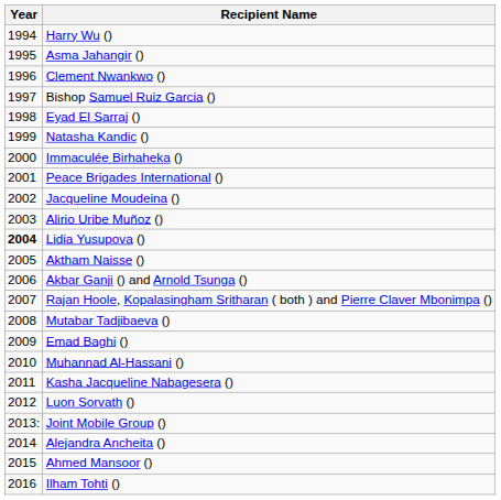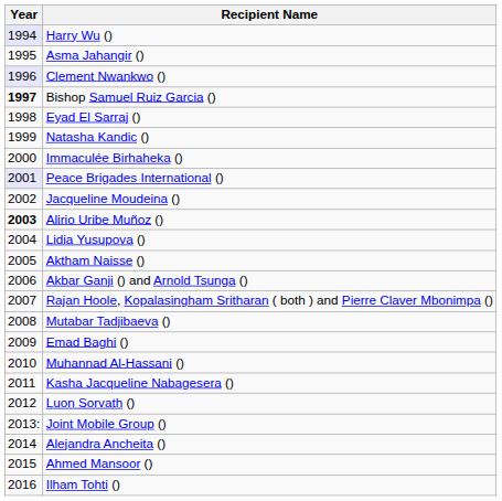 <table class="wikitable">
 <tr>
 <th>Year</th>
 <th>Recipient Name</th>
 </tr>
 <tr>
-<td>1994</td>
+<td style="background: lavender;">1994</td>
 <td><a href='#'>Harry Wu</a> ()</td>
 </tr>
 <tr>
 <td>1995</td>
 <td><a href='#'>Asma Jahangir</a> ()</td>
 </tr>
 <tr>
-<td>1996</td>
+<td style="background: lavender;">1996</td>
 <td><a href='#'>Clement Nwankwo</a> ()</td>
 </tr>
 <tr>
-<td>1997</td>
+<td><strong>1997</strong></td>
 <td>Bishop <a href='#'>Samuel Ruiz Garcia</a> ()</td>
 </tr>
 <tr>
 <td>1998</td>
 <td><a href='#'>Eyad El Sarraj</a> ()</td>
 </tr>
 <tr>
 <td>1999</td>
 <td><a href='#'>Natasha Kandic</a> ()</td>
 </tr>
 <tr>
 <td>2000</td>
 <td><a href='#'>Immaculée Birhaheka</a> ()</td>
 </tr>
 <tr>
-<td>2001</td>
+<td style="background: lavender;">2001</td>
 <td><a href='#'>Peace Brigades International</a> ()</td>
 </tr>
 <tr>
 <td>2002</td>
 <td><a href='#'>Jacqueline Moudeina</a> ()</td>
 </tr>
 <tr>
-<td>2003</td>
+<td><strong>2003</strong></td>
 <td><a href='#'>Alirio Uribe Muñoz</a> ()</td>
 </tr>
 <tr>
-<td><strong>2004</strong></td>
+<td>2004</td>
 <td><a href='#'>Lidia Yusupova</a> ()</td>
 </tr>
 <tr>
 <td>2005</td>
 <td><a href='#'>Aktham Naisse</a> ()</td>
 </tr>
 <tr>
 <td>2006</td>
 <td><a href='#'>Akbar Ganji</a> () and <a href='#'>Arnold Tsunga</a> ()</td>
 </tr>
 <tr>
 <td>2007</td>
 <td><a href='#'>Rajan Hoole</a>, <a href='#'>Kopalasingham Sritharan</a> ( both ) and <a href='#'>Pierre Claver Mbonimpa</a> ()</td>
 </tr>
 <tr>
 <td>2008</td>
 <td><a href='#'>Mutabar Tadjibaeva</a> ()</td>
 </tr>
 <tr>
 <td>2009</td>
 <td><a href='#'>Emad Baghi</a> ()</td>
 </tr>
 <tr>
 <td>2010</td>
 <td><a href='#'>Muhannad Al-Hassani</a> ()</td>
 </tr>
 <tr>
 <td>2011</td>
 <td><a href='#'>Kasha Jacqueline Nabagesera</a> ()</td>
 </tr>
 <tr>
 <td>2012</td>
 <td><a href='#'>Luon Sorvath</a> ()</td>
 </tr>
 <tr>
 <td>2013:</td>
 <td><a href='#'>Joint Mobile Group</a> ()</td>
 </tr>
 <tr>
 <td>2014</td>
 <td><a href='#'>Alejandra Ancheita</a> ()</td>
 </tr>
 <tr>
 <td>2015</td>
 <td><a href='#'>Ahmed Mansoor</a> ()</td>
 </tr>
 <tr>
 <td>2016</td>
 <td><a href='#'>Ilham Tohti</a> ()</td>
 </tr>
 </table>
